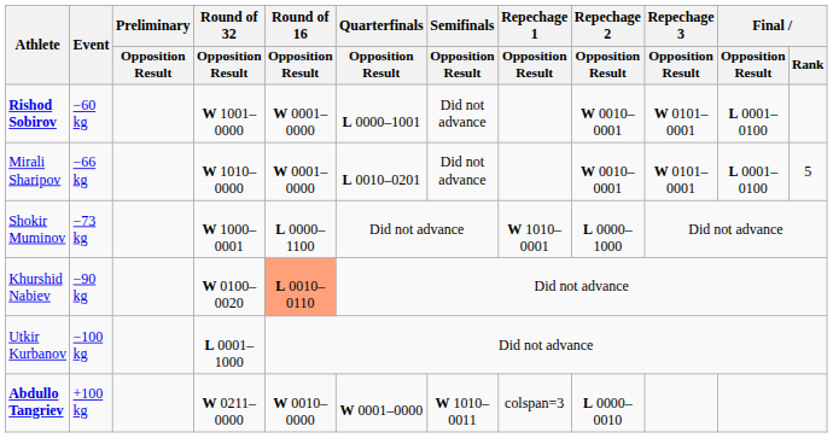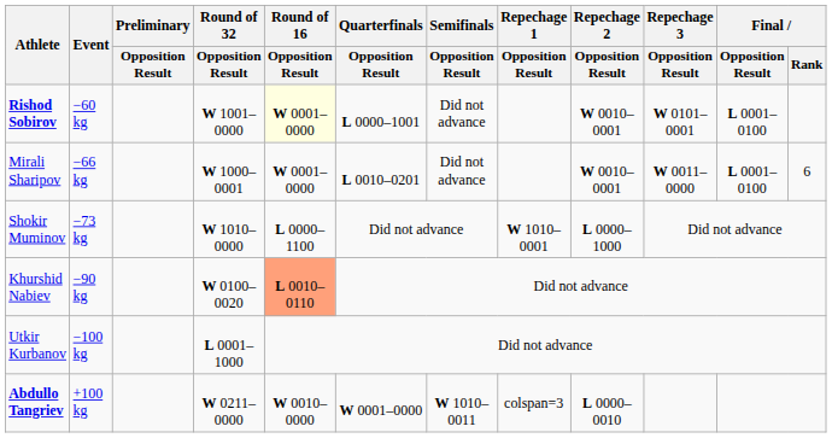 <table class="wikitable" style="font-size:90%">
 <tr>
 <th rowspan="2">Athlete</th>
 <th rowspan="2">Event</th>
 <th>Preliminary</th>
 <th>Round of 32</th>
 <th>Round of 16</th>
 <th>Quarterfinals</th>
 <th>Semifinals</th>
 <th>Repechage 1</th>
 <th>Repechage 2</th>
 <th>Repechage 3</th>
 <th colspan=2>Final / </th>
 </tr>
 <tr style="font-size:95%">
 <th>Opposition<br>Result</th>
 <th>Opposition<br>Result</th>
 <th>Opposition<br>Result</th>
 <th>Opposition<br>Result</th>
 <th>Opposition<br>Result</th>
 <th>Opposition<br>Result</th>
 <th>Opposition<br>Result</th>
 <th>Opposition<br>Result</th>
 <th>Opposition<br>Result</th>
 <th>Rank</th>
 </tr>
 <tr align=center>
 <td align=left><strong><a href='#'>Rishod Sobirov</a></strong></td>
 <td align=left><a href='#'>−60 kg</a></td>
 <td></td>
 <td> <br> <strong>W</strong> 1001–0000</td>
-<td> <br> <strong>W</strong> 0001–0000</td>
+<td style="background: lightyellow;"> <br> <strong>W</strong> 0001–0000</td>
 <td><br><strong>L</strong> 0000–1001</td>
 <td>Did not advance</td>
 <td></td>
 <td><br><strong>W</strong> 0010–0001</td>
 <td><br><strong>W</strong> 0101–0001</td>
 <td><br><strong>L</strong> 0001–0100</td>
 <td></td>
 </tr>
 <tr align=center>
 <td align=left><a href='#'>Mirali Sharipov</a></td>
 <td align=left><a href='#'>−66 kg</a></td>
 <td></td>
-<td><br><strong>W</strong> 1010–0000</td>
+<td><br><strong>W</strong> 1000–0001</td>
 <td><br><strong>W</strong> 0001–0000</td>
 <td><br><strong>L</strong> 0010–0201</td>
 <td>Did not advance</td>
 <td></td>
 <td><br><strong>W</strong> 0010–0001</td>
-<td><br><strong>W</strong> 0101–0001</td>
+<td><br><strong>W</strong> 0011–0000</td>
 <td><br><strong>L</strong> 0001–0100</td>
-<td>5</td>
+<td>6</td>
 </tr>
 <tr align=center>
 <td align=left><a href='#'>Shokir Muminov</a></td>
 <td align=left><a href='#'>−73 kg</a></td>
 <td></td>
-<td><br><strong>W</strong> 1000–0001</td>
+<td><br><strong>W</strong> 1010–0000</td>
 <td><br><strong>L</strong> 0000–1100</td>
 <td colspan=2>Did not advance</td>
 <td><br><strong>W</strong> 1010–0001</td>
 <td><br><strong>L</strong> 0000–1000</td>
 <td colspan=3>Did not advance</td>
 </tr>
 <tr align=center>
 <td align=left><a href='#'>Khurshid Nabiev</a></td>
 <td align=left><a href='#'>−90 kg</a></td>
 <td></td>
 <td><br><strong>W</strong> 0100–0020</td>
 <td style="background: lightsalmon;"><br><strong>L</strong> 0010–0110</td>
 <td colspan=7>Did not advance</td>
 </tr>
 <tr align=center>
 <td align=left><a href='#'>Utkir Kurbanov</a></td>
 <td align=left><a href='#'>−100 kg</a></td>
 <td></td>
 <td align=center><br><strong>L</strong> 0001–1000</td>
 <td colspan=8>Did not advance</td>
 </tr>
 <tr align=center>
 <td align=left><strong><a href='#'>Abdullo Tangriev</a></strong></td>
 <td align=left><a href='#'>+100 kg</a></td>
 <td></td>
 <td><br><strong>W</strong> 0211–0000</td>
 <td> <br> <strong>W</strong> 0010–0000</td>
 <td><br><strong>W</strong> 0001–0000</td>
 <td><br><strong>W</strong> 1010–0011</td>
 <td>colspan=3 </td>
 <td><br><strong>L</strong> 0000–0010</td>
 <td></td>
 </tr>
 </table>
